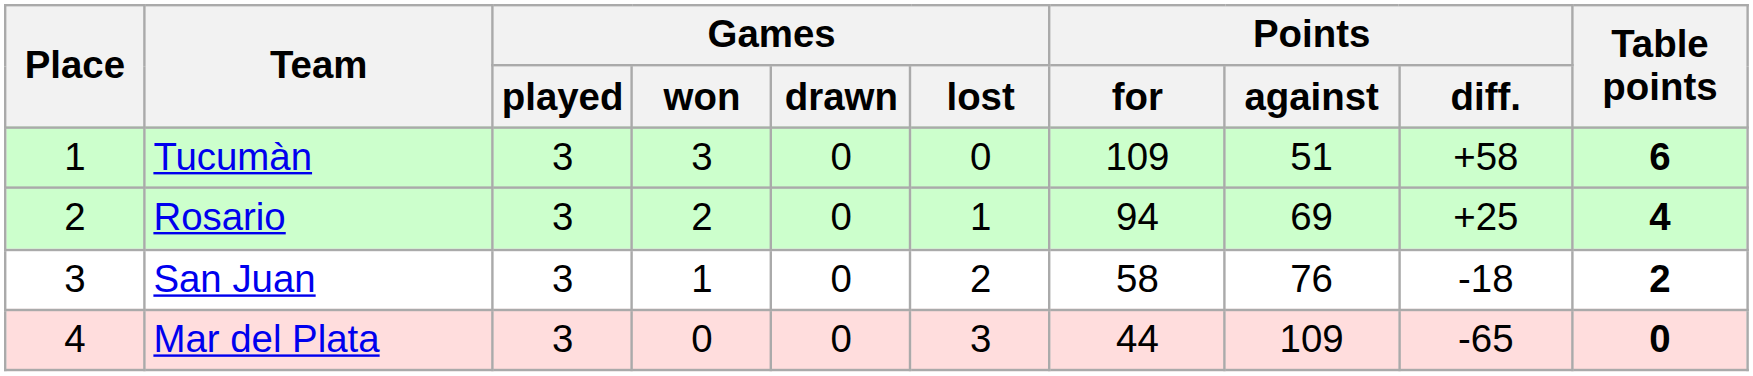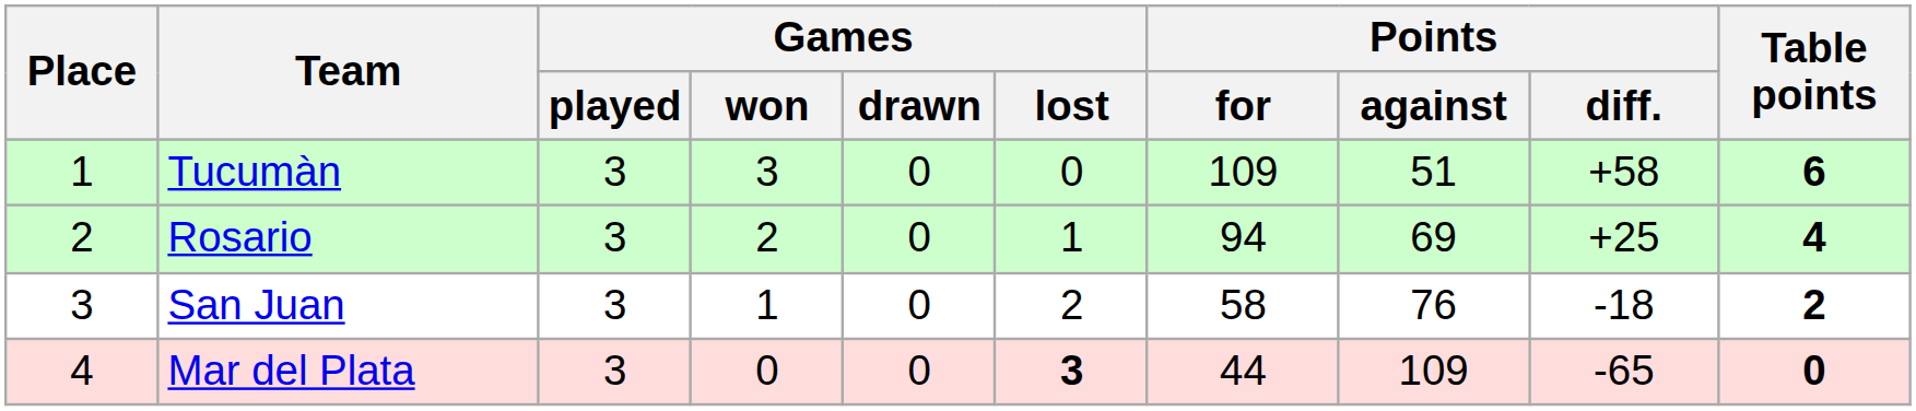 <table class="wikitable">
 <tr>
 <th rowspan=2 width="8%">Place</th>
 <th rowspan=2 width="20%">Team</th>
 <th colspan=4 width="32%">Games</th>
 <th colspan=3 width="30%">Points</th>
 <th rowspan=2 width="10%">Table<br>points</th>
 </tr>
 <tr>
 <th width="8%">played</th>
 <th width="8%">won</th>
 <th width="8%">drawn</th>
 <th width="8%">lost</th>
 <th width="10%">for</th>
 <th width="10%">against</th>
 <th width="10%">diff.</th>
 </tr>
 <tr align=center style="background: #ccffcc;">
 <td>1</td>
 <td align=left><a href='#'>Tucumàn</a></td>
 <td>3</td>
 <td>3</td>
 <td>0</td>
 <td>0</td>
 <td>109</td>
 <td>51</td>
 <td>+58</td>
 <td><strong>6</strong></td>
 </tr>
 <tr align=center style="background: #ccffcc;">
 <td>2</td>
 <td align=left><a href='#'>Rosario</a></td>
 <td>3</td>
 <td>2</td>
 <td>0</td>
 <td>1</td>
 <td>94</td>
 <td>69</td>
 <td>+25</td>
 <td><strong>4</strong></td>
 </tr>
 <tr align=center style="background: #ffffff;">
 <td>3</td>
 <td align=left><a href='#'>San Juan</a></td>
 <td>3</td>
 <td>1</td>
 <td>0</td>
 <td>2</td>
 <td>58</td>
 <td>76</td>
 <td>-18</td>
 <td><strong>2</strong></td>
 </tr>
 <tr align=center style="background: #ffdddd;">
 <td>4</td>
 <td align=left><a href='#'>Mar del Plata</a></td>
 <td>3</td>
 <td>0</td>
 <td>0</td>
-<td>3</td>
+<td><strong>3</strong></td>
 <td>44</td>
 <td>109</td>
 <td>-65</td>
 <td><strong>0</strong></td>
 </tr>
 </table>
